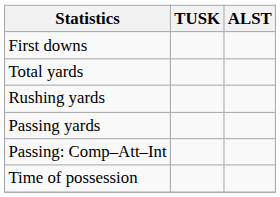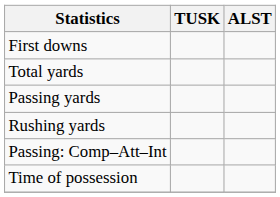 <table class="wikitable" style="float: left;">
 <tr>
 <th>Statistics</th>
 <th>TUSK</th>
 <th>ALST</th>
 </tr>
 <tr>
 <td>First downs</td>
 <td></td>
 <td></td>
 </tr>
 <tr>
 <td>Total yards</td>
 <td></td>
 <td></td>
 </tr>
 <tr>
-<td>Rushing yards</td>
+<td>Passing yards</td>
 <td></td>
 <td></td>
 </tr>
 <tr>
-<td>Passing yards</td>
+<td>Rushing yards</td>
 <td></td>
 <td></td>
 </tr>
 <tr>
 <td>Passing: Comp–Att–Int</td>
 <td></td>
 <td></td>
 </tr>
 <tr>
 <td>Time of possession</td>
 <td></td>
 <td></td>
 </tr>
 <tr>
 </tr>
 </table>
